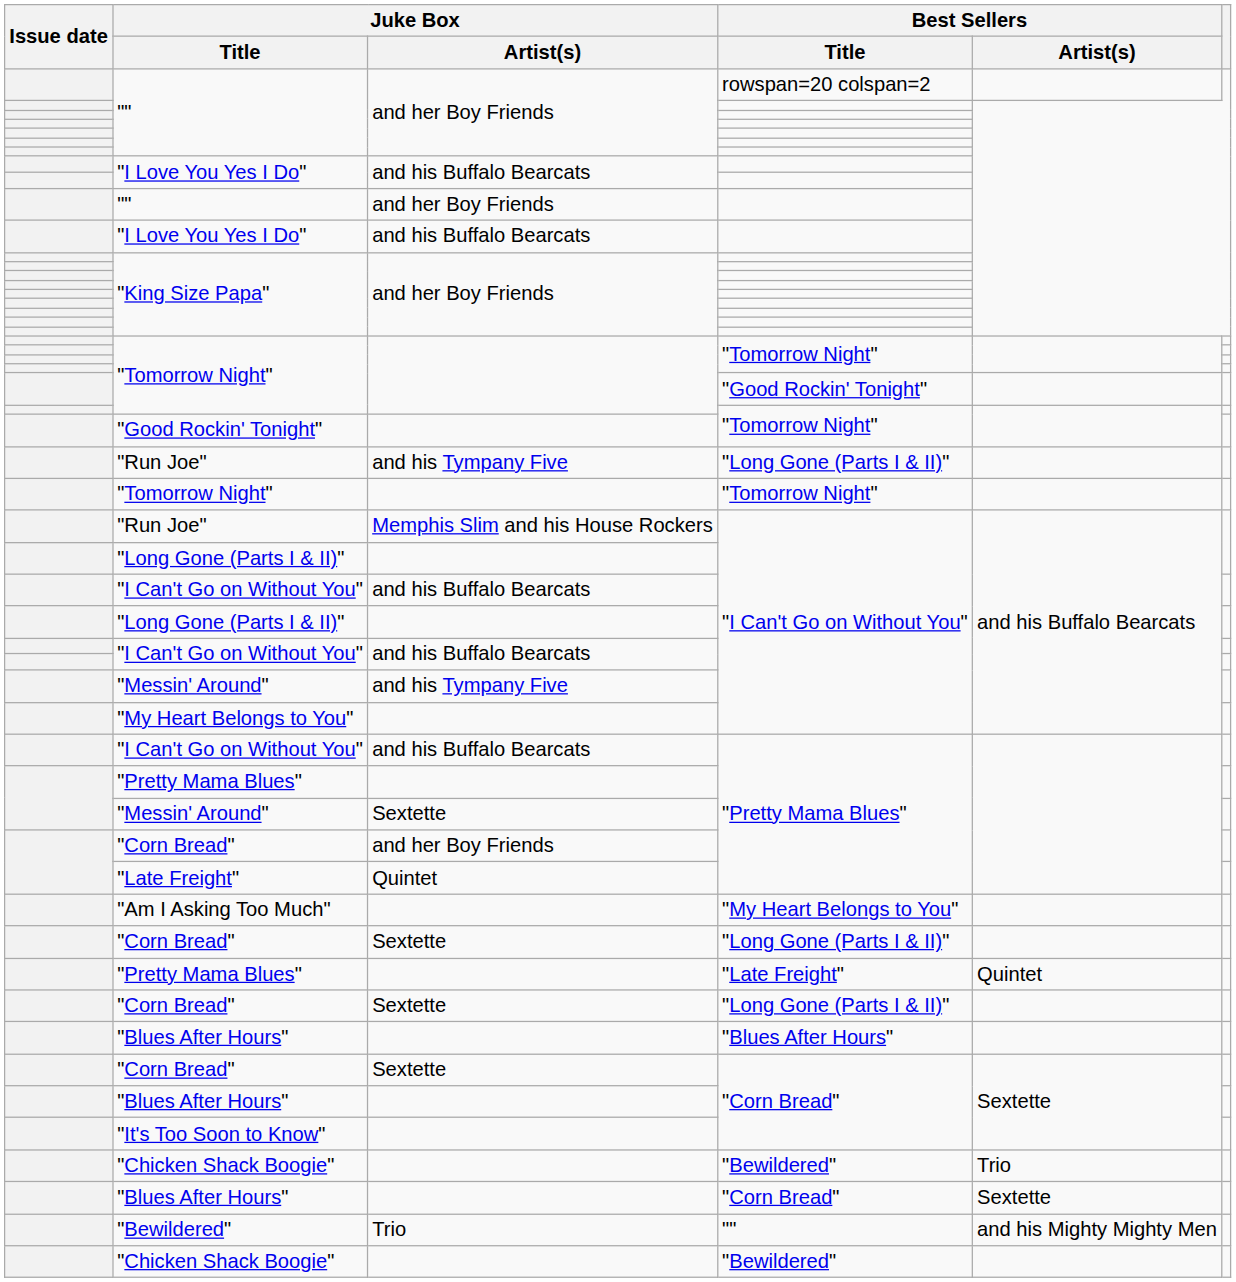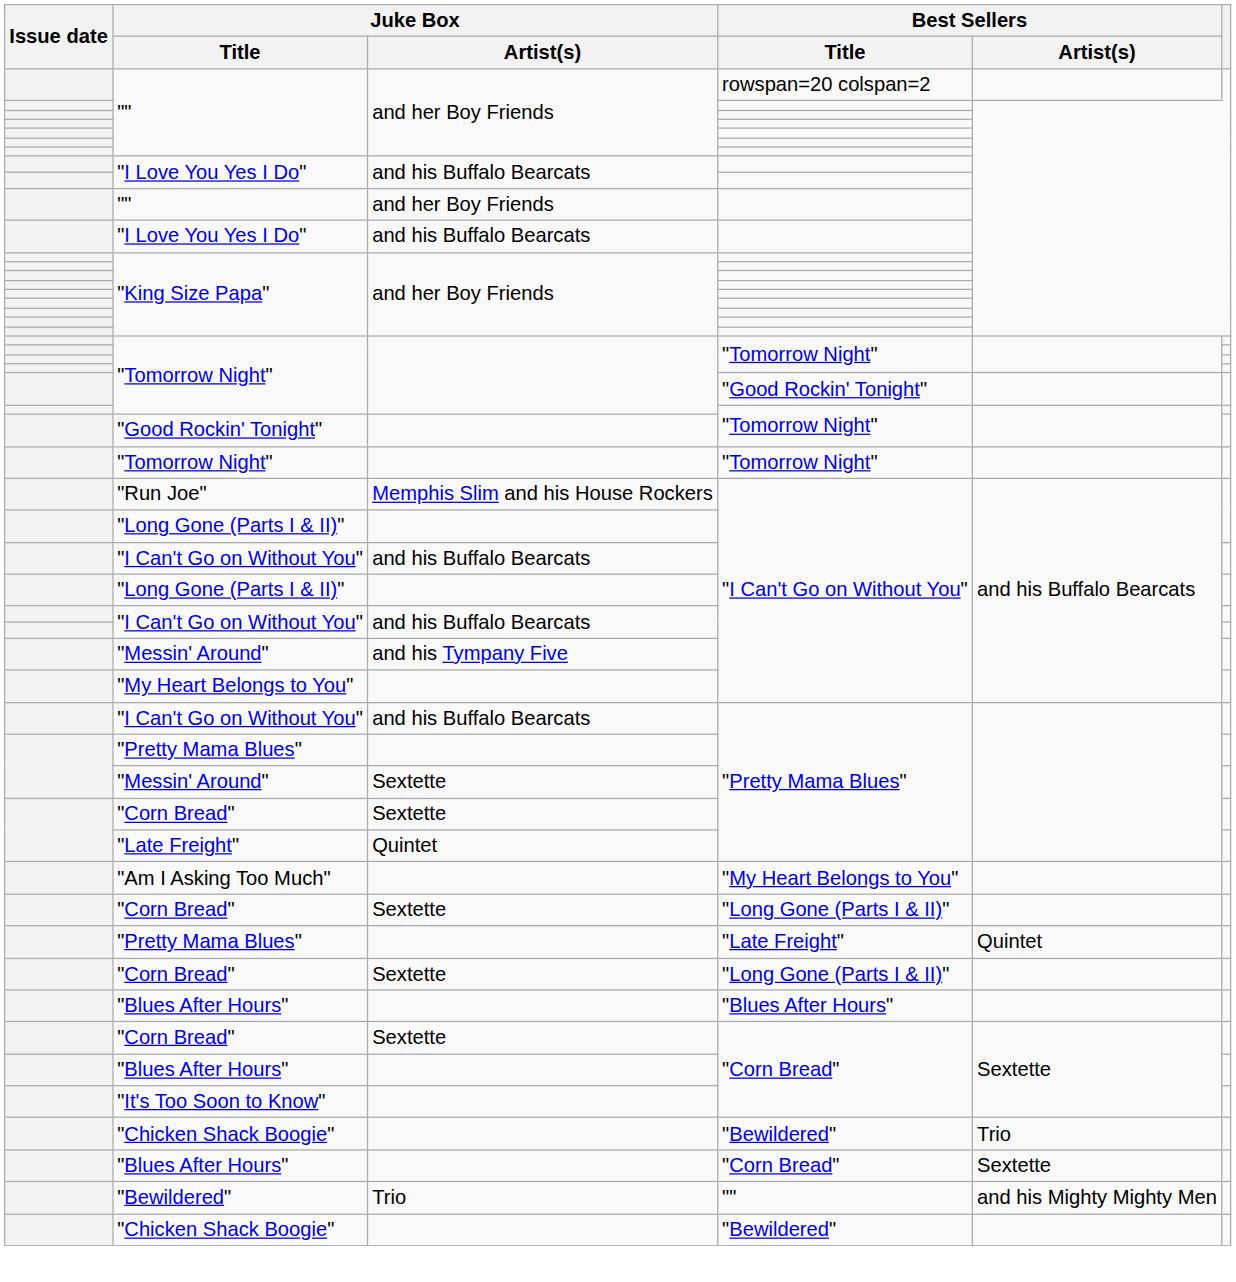 <table class="wikitable sortable plainrowheaders">
 <tr>
 <th scope=col rowspan=2>Issue date</th>
 <th scope=colgroup colspan=2>Juke Box</th>
 <th scope=colgroup colspan=2>Best Sellers</th>
 <th scope=col rowspan=2 class=unsortable></th>
 </tr>
 <tr>
 <th scope=col>Title</th>
 <th scope=col>Artist(s)</th>
 <th scope=col>Title</th>
 <th scope=col>Artist(s)</th>
 </tr>
 <tr>
 <th scope=row></th>
 <td rowspan=7>""</td>
 <td rowspan=7> and her Boy Friends</td>
 <td>rowspan=20 colspan=2 </td>
 <td align="center"></td>
 </tr>
 <tr>
 <th scope=row></th>
 <td align="center"></td>
 </tr>
 <tr>
 <th scope=row></th>
 <td align="center"></td>
 </tr>
 <tr>
 <th scope=row></th>
 <td align="center"></td>
 </tr>
 <tr>
 <th scope=row></th>
 <td align="center"></td>
 </tr>
 <tr>
 <th scope=row></th>
 <td align="center"></td>
 </tr>
 <tr>
 <th scope=row></th>
 <td align="center"></td>
 </tr>
 <tr>
 <th scope=row></th>
 <td rowspan=2>"<a href='#'>I Love You Yes I Do</a>"</td>
 <td rowspan=2> and his Buffalo Bearcats</td>
 <td align="center"></td>
 </tr>
 <tr>
 <th scope=row></th>
 <td align="center"></td>
 </tr>
 <tr>
 <th scope=row></th>
 <td rowspan=1>""</td>
 <td rowspan=1> and her Boy Friends</td>
 <td align="center"></td>
 </tr>
 <tr>
 <th scope=row></th>
 <td rowspan=1>"<a href='#'>I Love You Yes I Do</a>"</td>
 <td rowspan=1> and his Buffalo Bearcats</td>
 <td align="center"></td>
 </tr>
 <tr>
 <th scope=row></th>
 <td rowspan=9>"<a href='#'>King Size Papa</a>"</td>
 <td rowspan=9> and her Boy Friends</td>
 <td align="center"></td>
 </tr>
 <tr>
 <th scope=row></th>
 <td align="center"></td>
 </tr>
 <tr>
 <th scope=row></th>
 <td align="center"></td>
 </tr>
 <tr>
 <th scope=row></th>
 <td align="center"></td>
 </tr>
 <tr>
 <th scope=row></th>
 <td align="center"></td>
 </tr>
 <tr>
 <th scope=row></th>
 <td align="center"></td>
 </tr>
 <tr>
 <th scope=row></th>
 <td align="center"></td>
 </tr>
 <tr>
 <th scope=row></th>
 <td align="center"></td>
 </tr>
 <tr>
 <th scope=row></th>
 <td align=center></td>
 </tr>
 <tr>
 <th scope=row></th>
 <td rowspan=6>"<a href='#'>Tomorrow Night</a>"</td>
 <td rowspan=6></td>
 <td rowspan=4>"<a href='#'>Tomorrow Night</a>"</td>
 <td rowspan=4></td>
 <td align=center></td>
 </tr>
 <tr>
 <th scope=row></th>
 <td align=center></td>
 </tr>
 <tr>
 <th scope=row></th>
 <td align=center></td>
 </tr>
 <tr>
 <th scope=row></th>
 <td align=center></td>
 </tr>
 <tr>
 <th scope=row></th>
 <td>"<a href='#'>Good Rockin' Tonight</a>"</td>
 <td></td>
 <td align=center></td>
 </tr>
 <tr>
 <th scope=row></th>
 <td rowspan=2>"<a href='#'>Tomorrow Night</a>"</td>
 <td rowspan=2></td>
 <td align=center></td>
 </tr>
 <tr>
 <th scope=row></th>
 <td>"<a href='#'>Good Rockin' Tonight</a>"</td>
 <td></td>
 <td align=center></td>
 </tr>
 <tr>
 <th scope=row></th>
-<td>"Run Joe"</td>
-<td> and his <a href='#'>Tympany Five</a></td>
-<td>"<a href='#'>Long Gone (Parts I & II)</a>"</td>
-<td></td>
-<td align=center></td>
-</tr>
-<tr>
-<th scope=row></th>
 <td rowspan=1>"<a href='#'>Tomorrow Night</a>"</td>
 <td rowspan=1></td>
 <td rowspan=1>"<a href='#'>Tomorrow Night</a>"</td>
 <td rowspan=1></td>
 <td align=center></td>
 </tr>
 <tr>
 <th scope=row></th>
 <td>"Run Joe"</td>
 <td><a href='#'>Memphis Slim</a> and his House Rockers</td>
 <td rowspan=8>"<a href='#'>I Can't Go on Without You</a>"</td>
 <td rowspan=8> and his Buffalo Bearcats</td>
 <td rowspan=2 align=center></td>
 </tr>
 <tr>
 <th scope=row></th>
 <td>"<a href='#'>Long Gone (Parts I & II)</a>"</td>
 <td></td>
 </tr>
 <tr>
 <th scope=row></th>
 <td rowspan=1>"<a href='#'>I Can't Go on Without You</a>"</td>
 <td rowspan=1> and his Buffalo Bearcats</td>
 <td align=center></td>
 </tr>
 <tr>
 <th scope=row></th>
 <td>"<a href='#'>Long Gone (Parts I & II)</a>"</td>
 <td></td>
 <td align=center></td>
 </tr>
 <tr>
 <th scope=row></th>
 <td rowspan=2>"<a href='#'>I Can't Go on Without You</a>"</td>
 <td rowspan=2> and his Buffalo Bearcats</td>
 <td align=center></td>
 </tr>
 <tr>
 <th scope=row></th>
 <td align=center></td>
 </tr>
 <tr>
 <th scope=row></th>
 <td>"<a href='#'>Messin' Around</a>"</td>
 <td> and his <a href='#'>Tympany Five</a></td>
 <td align=center></td>
 </tr>
 <tr>
 <th scope=row></th>
 <td>"<a href='#'>My Heart Belongs to You</a>"</td>
 <td></td>
 <td align=center></td>
 </tr>
 <tr>
 <th scope=row></th>
 <td rowspan=1>"<a href='#'>I Can't Go on Without You</a>"</td>
 <td rowspan=1> and his Buffalo Bearcats</td>
 <td rowspan=5>"<a href='#'>Pretty Mama Blues</a>"</td>
 <td rowspan=5></td>
 <td align=center></td>
 </tr>
 <tr>
 <th scope=row rowspan=2></th>
 <td>"<a href='#'>Pretty Mama Blues</a>"</td>
 <td></td>
 <td align=center></td>
 </tr>
 <tr>
 <td>"<a href='#'>Messin' Around</a>"</td>
 <td> Sextette</td>
 <td align=center></td>
 </tr>
 <tr>
 <th scope=row rowspan=2></th>
 <td>"<a href='#'>Corn Bread</a>"</td>
-<td rowspan=1> and her Boy Friends</td>
+<td> Sextette</td>
 <td align=center></td>
 </tr>
 <tr>
 <td>"<a href='#'>Late Freight</a>"</td>
 <td> Quintet</td>
 <td align=center></td>
 </tr>
 <tr>
 <th scope=row></th>
 <td>"Am I Asking Too Much"</td>
 <td></td>
 <td>"<a href='#'>My Heart Belongs to You</a>"</td>
 <td></td>
 <td align=center></td>
 </tr>
 <tr>
 <th scope=row></th>
 <td>"<a href='#'>Corn Bread</a>"</td>
 <td> Sextette</td>
 <td>"<a href='#'>Long Gone (Parts I & II)</a>"</td>
 <td></td>
 <td align=center></td>
 </tr>
 <tr>
 <th scope=row></th>
 <td>"<a href='#'>Pretty Mama Blues</a>"</td>
 <td></td>
 <td>"<a href='#'>Late Freight</a>"</td>
 <td> Quintet</td>
 <td align=center></td>
 </tr>
 <tr>
 <th scope=row></th>
 <td>"<a href='#'>Corn Bread</a>"</td>
 <td> Sextette</td>
 <td>"<a href='#'>Long Gone (Parts I & II)</a>"</td>
 <td></td>
 <td align=center></td>
 </tr>
 <tr>
 <th scope=row></th>
 <td>"<a href='#'>Blues After Hours</a>"</td>
 <td></td>
 <td>"<a href='#'>Blues After Hours</a>"</td>
 <td></td>
 <td align=center></td>
 </tr>
 <tr>
 <th scope=row></th>
 <td>"<a href='#'>Corn Bread</a>"</td>
 <td> Sextette</td>
 <td rowspan=3>"<a href='#'>Corn Bread</a>"</td>
 <td rowspan=3> Sextette</td>
 <td align=center></td>
 </tr>
 <tr>
 <th scope=row></th>
 <td>"<a href='#'>Blues After Hours</a>"</td>
 <td></td>
 <td align=center></td>
 </tr>
 <tr>
 <th scope=row></th>
 <td>"<a href='#'>It's Too Soon to Know</a>"</td>
 <td></td>
 <td align=center></td>
 </tr>
 <tr>
 <th scope=row></th>
 <td>"<a href='#'>Chicken Shack Boogie</a>"</td>
 <td></td>
 <td>"<a href='#'>Bewildered</a>"</td>
 <td> Trio</td>
 <td align=center></td>
 </tr>
 <tr>
 <th scope=row></th>
 <td>"<a href='#'>Blues After Hours</a>"</td>
 <td></td>
 <td>"<a href='#'>Corn Bread</a>"</td>
 <td> Sextette</td>
 <td align=center></td>
 </tr>
 <tr>
 <th scope=row></th>
 <td>"<a href='#'>Bewildered</a>"</td>
 <td> Trio</td>
 <td rowspan=1>""</td>
 <td rowspan=1> and his Mighty Mighty Men</td>
 <td align=center></td>
 </tr>
 <tr>
 <th scope=row></th>
 <td>"<a href='#'>Chicken Shack Boogie</a>"</td>
 <td></td>
 <td>"<a href='#'>Bewildered</a>"</td>
 <td></td>
 <td align=center></td>
 </tr>
 </table>
